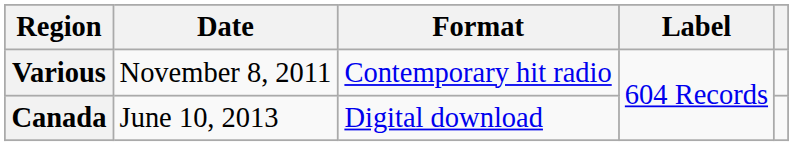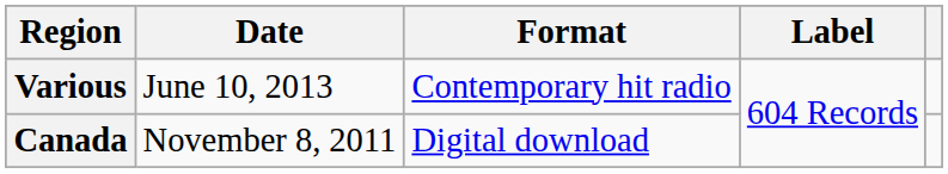 <table class="wikitable plainrowheaders">
 <tr>
 <th scope="col">Region</th>
 <th scope="col">Date</th>
 <th scope="col">Format</th>
 <th scope="col">Label</th>
 <th scope="col"></th>
 </tr>
 <tr>
 <th scope="row">Various</th>
-<td>November 8, 2011</td>
+<td>June 10, 2013</td>
 <td><a href='#'>Contemporary hit radio</a></td>
 <td rowspan="2"><a href='#'>604 Records</a></td>
 <td align="center"></td>
 </tr>
 <tr>
 <th scope="row">Canada</th>
-<td>June 10, 2013</td>
+<td>November 8, 2011</td>
 <td><a href='#'>Digital download</a></td>
 <td align="center"></td>
 </tr>
 </table>
